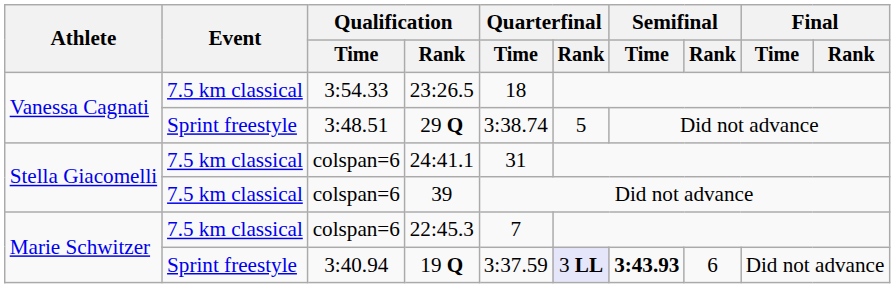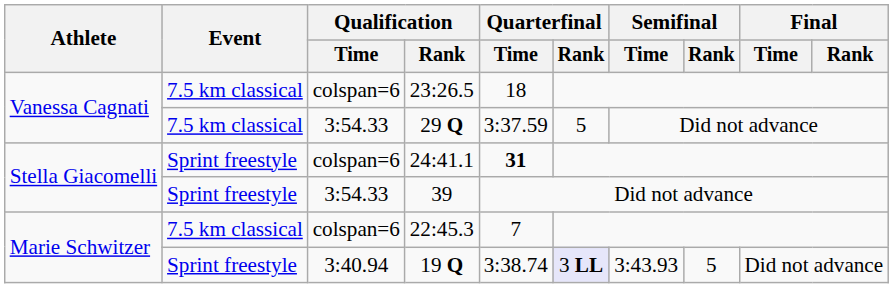 <table class="wikitable" style="font-size:90%">
 <tr>
 <th rowspan="2">Athlete</th>
 <th rowspan="2">Event</th>
 <th colspan="2">Qualification</th>
 <th colspan="2">Quarterfinal</th>
 <th colspan="2">Semifinal</th>
 <th colspan="2">Final</th>
 </tr>
 <tr style="font-size:95%">
 <th>Time</th>
 <th>Rank</th>
 <th>Time</th>
 <th>Rank</th>
 <th>Time</th>
 <th>Rank</th>
 <th>Time</th>
 <th>Rank</th>
 </tr>
 <tr align=center>
 <td align=left rowspan=2><a href='#'>Vanessa Cagnati</a></td>
 <td align=left><a href='#'>7.5 km classical</a></td>
-<td>3:54.33</td>
+<td>colspan=6</td>
 <td>23:26.5</td>
 <td>18</td>
 </tr>
 <tr align=center>
-<td align=left><a href='#'>Sprint freestyle</a></td>
-<td>3:48.51</td>
+<td align=left><a href='#'>7.5 km classical</a></td>
+<td>3:54.33</td>
 <td>29 <strong>Q</strong></td>
-<td>3:38.74</td>
+<td>3:37.59</td>
 <td>5</td>
 <td colspan=4>Did not advance</td>
 </tr>
 <tr align=center>
 <td align=left rowspan=2><a href='#'>Stella Giacomelli</a></td>
-<td align=left><a href='#'>7.5 km classical</a></td>
+<td align=left><a href='#'>Sprint freestyle</a></td>
 <td>colspan=6</td>
 <td>24:41.1</td>
-<td>31</td>
+<td><strong>31</strong></td>
 </tr>
 <tr align=center>
-<td align=left><a href='#'>7.5 km classical</a></td>
-<td>colspan=6</td>
+<td align=left><a href='#'>Sprint freestyle</a></td>
+<td>3:54.33</td>
 <td>39</td>
 <td colspan=6>Did not advance</td>
 </tr>
 <tr align=center>
 <td align=left rowspan=2><a href='#'>Marie Schwitzer</a></td>
 <td align=left><a href='#'>7.5 km classical</a></td>
 <td>colspan=6</td>
 <td>22:45.3</td>
 <td>7</td>
 </tr>
 <tr align=center>
 <td align=left><a href='#'>Sprint freestyle</a></td>
 <td>3:40.94</td>
 <td>19 <strong>Q</strong></td>
-<td>3:37.59</td>
+<td>3:38.74</td>
 <td style="background: lavender;">3 <strong>LL</strong></td>
-<td><strong>3:43.93</strong></td>
-<td>6</td>
+<td>3:43.93</td>
+<td>5</td>
 <td colspan=2>Did not advance</td>
 </tr>
 </table>
